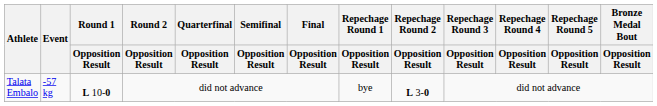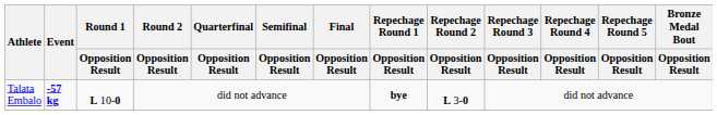 <table class=wikitable style=font-size:90%>
 <tr>
 <th rowspan=2>Athlete</th>
 <th rowspan=2>Event</th>
 <th>Round 1</th>
 <th>Round 2</th>
 <th>Quarterfinal</th>
 <th>Semifinal</th>
 <th>Final</th>
 <th>Repechage<br>Round 1</th>
 <th>Repechage<br>Round 2</th>
 <th>Repechage<br>Round 3</th>
 <th>Repechage<br>Round 4</th>
 <th>Repechage<br>Round 5</th>
 <th>Bronze Medal<br>Bout</th>
 </tr>
 <tr>
 <th>Opposition<br>Result</th>
 <th>Opposition<br>Result</th>
 <th>Opposition<br>Result</th>
 <th>Opposition<br>Result</th>
 <th>Opposition<br>Result</th>
 <th>Opposition<br>Result</th>
 <th>Opposition<br>Result</th>
 <th>Opposition<br>Result</th>
 <th>Opposition<br>Result</th>
 <th>Opposition<br>Result</th>
 <th>Opposition<br>Result</th>
 </tr>
 <tr>
 <td><a href='#'>Talata Embalo</a></td>
-<td><a href='#'>-57 kg</a></td>
+<td><strong><a href='#'>-57 kg</a></strong></td>
 <td align=center><br><strong>L</strong> 10-<strong>0</strong></td>
 <td align=center colspan=4>did not advance</td>
-<td align=center>bye</td>
+<td align=center><strong>bye</strong></td>
 <td align=center><br><strong>L</strong> 3-<strong>0</strong></td>
 <td align=center colspan=4>did not advance</td>
 </tr>
 </table>
